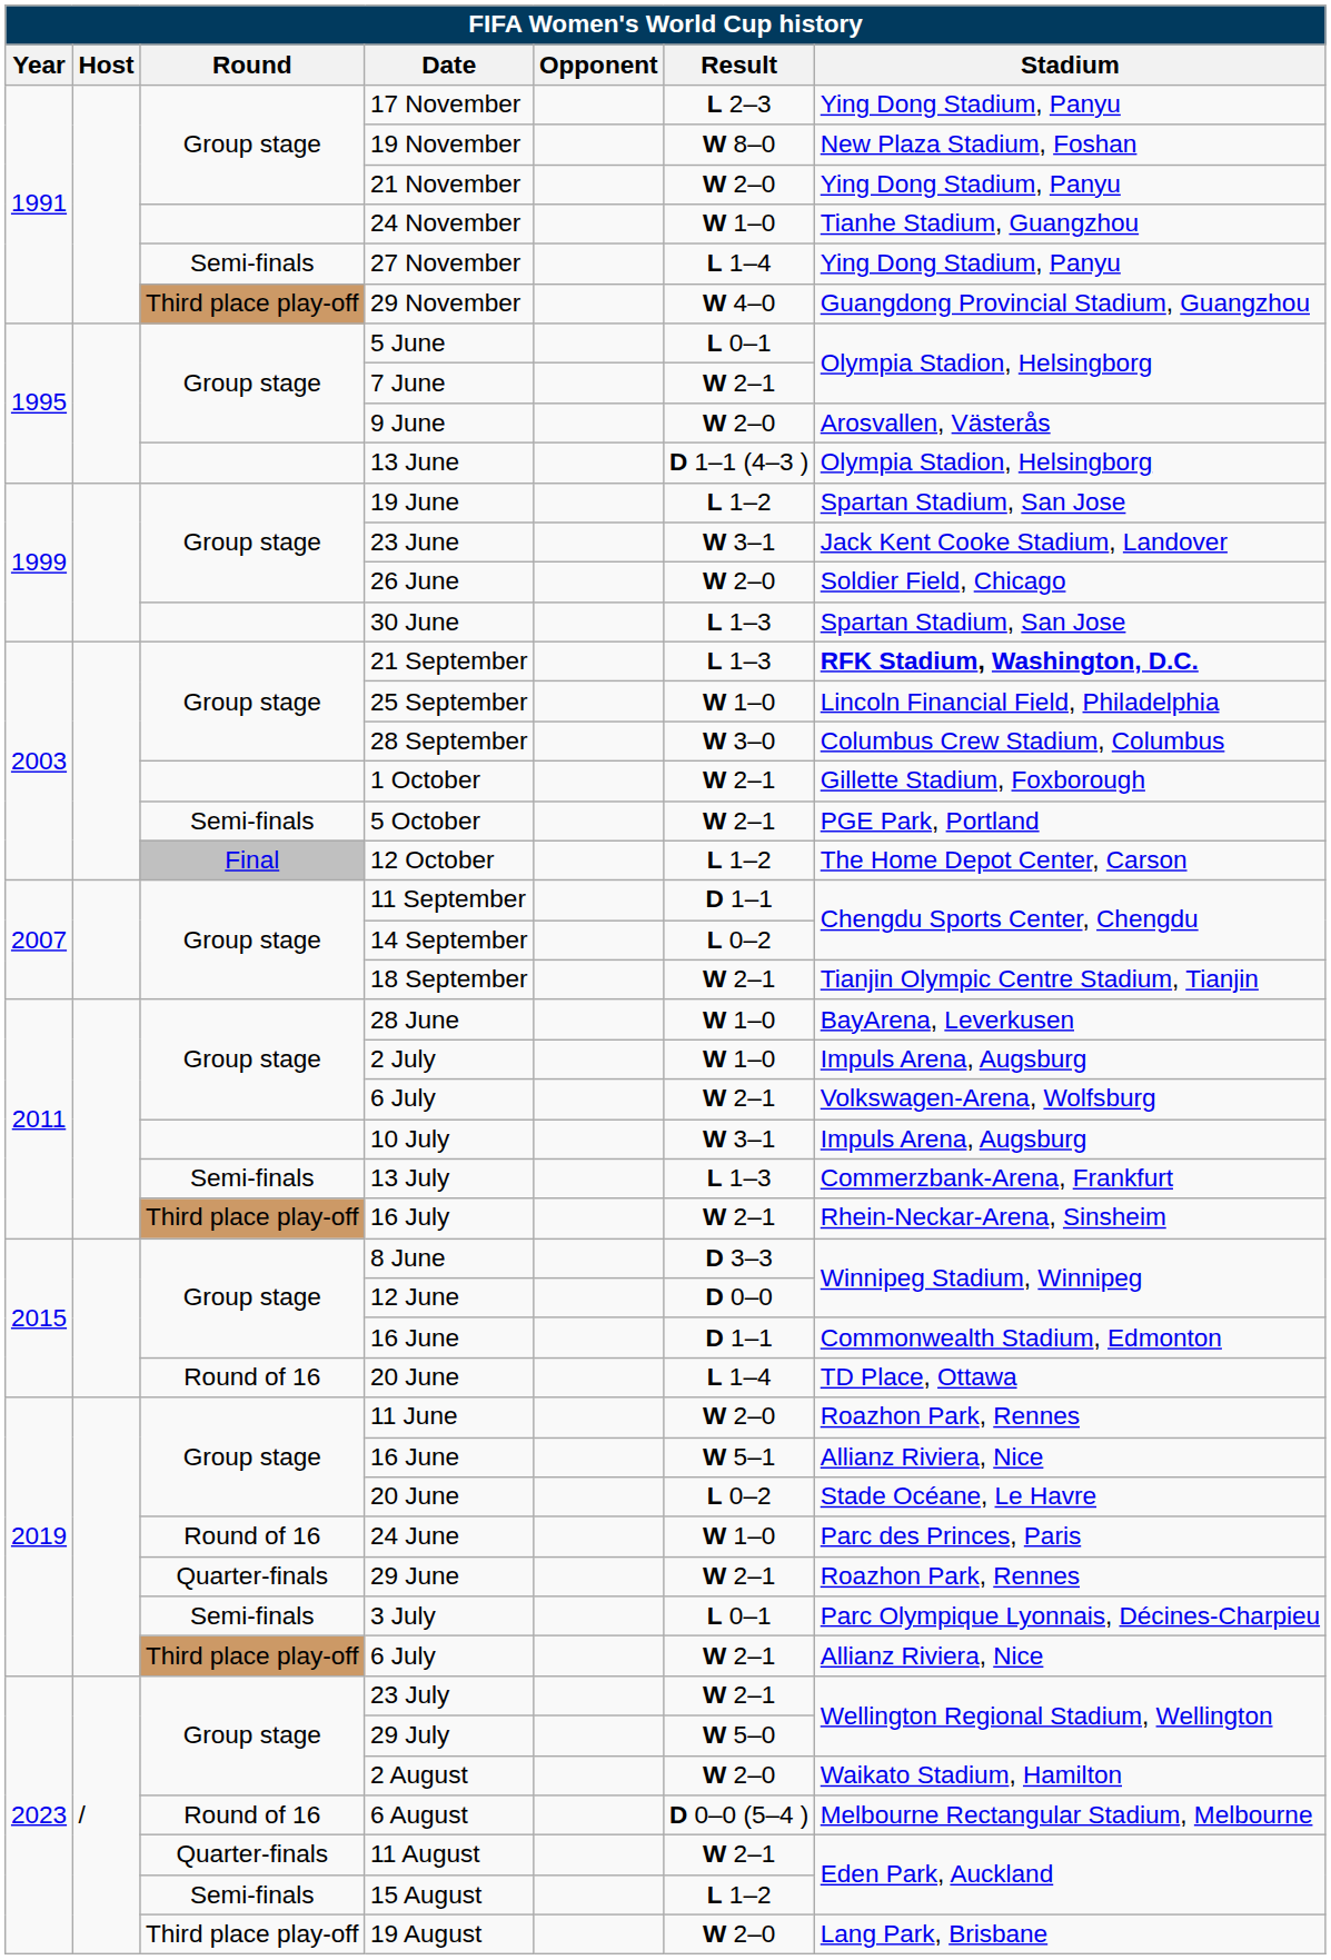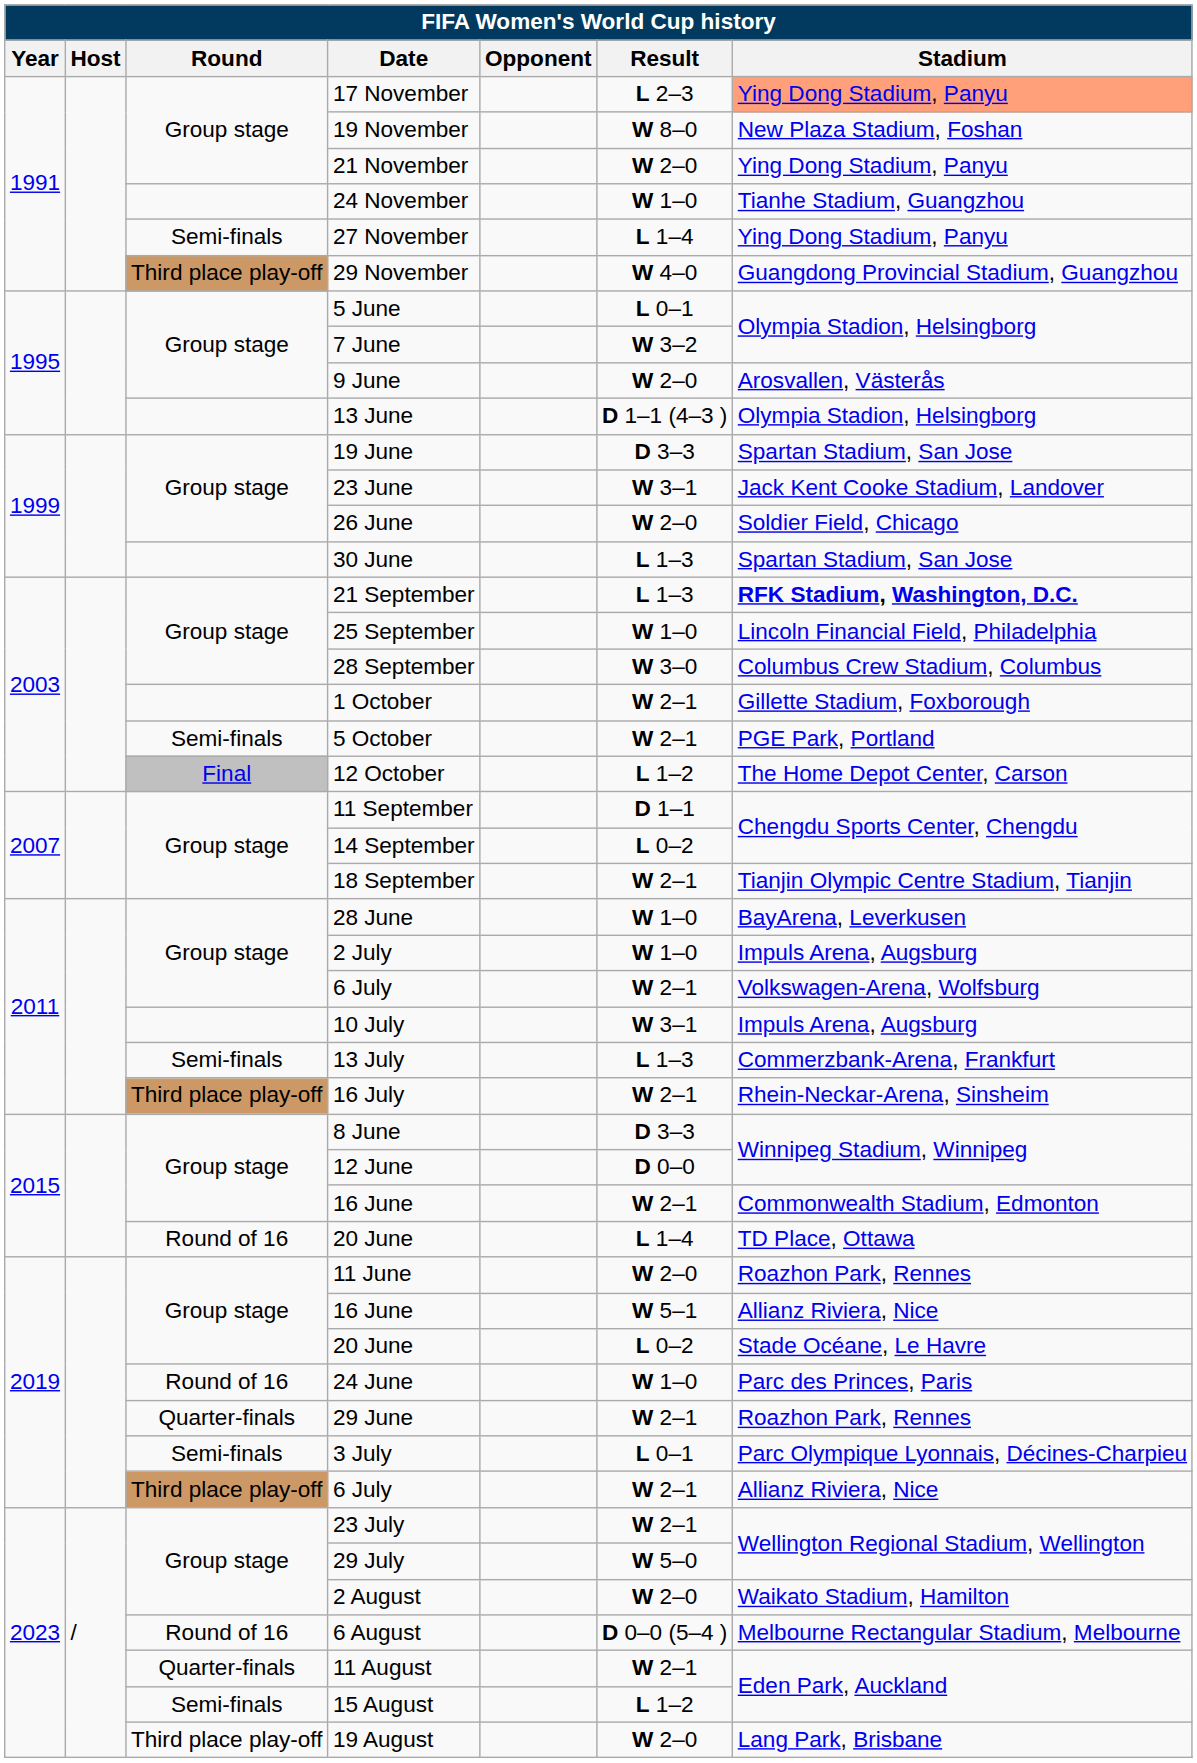 <table class="wikitable mw-collapsible mw-collapsed" style="text-align: center;">
 <tr>
 <th colspan=7 style="background: #013A5E; color: #FFFFFF;">FIFA Women's World Cup history</th>
 </tr>
 <tr>
 <th>Year</th>
 <th>Host</th>
 <th>Round</th>
 <th>Date</th>
 <th>Opponent</th>
 <th>Result</th>
 <th>Stadium</th>
 </tr>
 <tr>
 <td rowspan=6><a href='#'>1991</a></td>
 <td rowspan=6 align=left></td>
 <td rowspan=3>Group stage</td>
 <td align="left">17 November</td>
 <td align="left"></td>
 <td><strong>L</strong> 2–3</td>
-<td align="left"><a href='#'>Ying Dong Stadium</a>, <a href='#'>Panyu</a></td>
+<td align="left" style="background: lightsalmon;"><a href='#'>Ying Dong Stadium</a>, <a href='#'>Panyu</a></td>
 </tr>
 <tr>
 <td align="left">19 November</td>
 <td align="left"></td>
 <td><strong>W</strong> 8–0</td>
 <td align="left"><a href='#'>New Plaza Stadium</a>, <a href='#'>Foshan</a></td>
 </tr>
 <tr>
 <td align="left">21 November</td>
 <td align="left"></td>
 <td><strong>W</strong> 2–0</td>
 <td align="left"><a href='#'>Ying Dong Stadium</a>, <a href='#'>Panyu</a></td>
 </tr>
 <tr>
 <td></td>
 <td align="left">24 November</td>
 <td align="left"></td>
 <td><strong>W</strong> 1–0</td>
 <td align="left"><a href='#'>Tianhe Stadium</a>, <a href='#'>Guangzhou</a></td>
 </tr>
 <tr>
 <td>Semi-finals</td>
 <td align="left">27 November</td>
 <td align="left"></td>
 <td><strong>L</strong> 1–4</td>
 <td align="left"><a href='#'>Ying Dong Stadium</a>, <a href='#'>Panyu</a></td>
 </tr>
 <tr>
 <td bgcolor="#cc9966">Third place play-off</td>
 <td align="left">29 November</td>
 <td align="left"></td>
 <td><strong>W</strong> 4–0</td>
 <td align="left"><a href='#'>Guangdong Provincial Stadium</a>, <a href='#'>Guangzhou</a></td>
 </tr>
 <tr>
 <td rowspan=4><a href='#'>1995</a></td>
 <td rowspan=4 align=left></td>
 <td rowspan=3>Group stage</td>
 <td align="left">5 June</td>
 <td align="left"></td>
 <td><strong>L</strong> 0–1</td>
 <td rowspan=2 align="left"><a href='#'>Olympia Stadion</a>, <a href='#'>Helsingborg</a></td>
 </tr>
 <tr>
 <td align="left">7 June</td>
 <td align="left"></td>
-<td><strong>W</strong> 2–1</td>
+<td><strong>W</strong> 3–2</td>
 </tr>
 <tr>
 <td align="left">9 June</td>
 <td align="left"></td>
 <td><strong>W</strong> 2–0</td>
 <td align="left"><a href='#'>Arosvallen</a>, <a href='#'>Västerås</a></td>
 </tr>
 <tr>
 <td></td>
 <td align="left">13 June</td>
 <td align="left"></td>
 <td><strong>D</strong> 1–1 (4–3 )</td>
 <td align="left"><a href='#'>Olympia Stadion</a>, <a href='#'>Helsingborg</a></td>
 </tr>
 <tr>
 <td rowspan=4><a href='#'>1999</a></td>
 <td rowspan=4 align=left></td>
 <td rowspan=3>Group stage</td>
 <td align="left">19 June</td>
 <td align="left"></td>
-<td><strong>L</strong> 1–2</td>
+<td><strong>D</strong> 3–3</td>
 <td align="left"><a href='#'>Spartan Stadium</a>, <a href='#'>San Jose</a></td>
 </tr>
 <tr>
 <td align="left">23 June</td>
 <td align="left"></td>
 <td><strong>W</strong> 3–1</td>
 <td align="left"><a href='#'>Jack Kent Cooke Stadium</a>, <a href='#'>Landover</a></td>
 </tr>
 <tr>
 <td align="left">26 June</td>
 <td align="left"></td>
 <td><strong>W</strong> 2–0</td>
 <td align="left"><a href='#'>Soldier Field</a>, <a href='#'>Chicago</a></td>
 </tr>
 <tr>
 <td></td>
 <td align="left">30 June</td>
 <td align="left"></td>
 <td><strong>L</strong> 1–3</td>
 <td align="left"><a href='#'>Spartan Stadium</a>, <a href='#'>San Jose</a></td>
 </tr>
 <tr>
 <td rowspan=6><a href='#'>2003</a></td>
 <td rowspan=6 align=left></td>
 <td rowspan=3>Group stage</td>
 <td align="left">21 September</td>
 <td align="left"></td>
 <td><strong>L</strong> 1–3</td>
 <td align="left"><strong><a href='#'>RFK Stadium</a>, <a href='#'>Washington, D.C.</a></strong></td>
 </tr>
 <tr>
 <td align="left">25 September</td>
 <td align="left"></td>
 <td><strong>W</strong> 1–0</td>
 <td align="left"><a href='#'>Lincoln Financial Field</a>, <a href='#'>Philadelphia</a></td>
 </tr>
 <tr>
 <td align="left">28 September</td>
 <td align="left"></td>
 <td><strong>W</strong> 3–0</td>
 <td align="left"><a href='#'>Columbus Crew Stadium</a>, <a href='#'>Columbus</a></td>
 </tr>
 <tr>
 <td></td>
 <td align="left">1 October</td>
 <td align="left"></td>
 <td><strong>W</strong> 2–1</td>
 <td align="left"><a href='#'>Gillette Stadium</a>, <a href='#'>Foxborough</a></td>
 </tr>
 <tr>
 <td>Semi-finals</td>
 <td align="left">5 October</td>
 <td align="left"></td>
 <td><strong>W</strong> 2–1</td>
 <td align="left"><a href='#'>PGE Park</a>, <a href='#'>Portland</a></td>
 </tr>
 <tr>
 <td style="background:silver;"><a href='#'>Final</a></td>
 <td align="left">12 October</td>
 <td align="left"></td>
 <td><strong>L</strong> 1–2 </td>
 <td align="left"><a href='#'>The Home Depot Center</a>, <a href='#'>Carson</a></td>
 </tr>
 <tr>
 <td rowspan=3><a href='#'>2007</a></td>
 <td rowspan=3 align=left></td>
 <td rowspan=3>Group stage</td>
 <td align="left">11 September</td>
 <td align="left"></td>
 <td><strong>D</strong> 1–1</td>
 <td rowspan=2 align="left"><a href='#'>Chengdu Sports Center</a>, <a href='#'>Chengdu</a></td>
 </tr>
 <tr>
 <td align="left">14 September</td>
 <td align="left"></td>
 <td><strong>L</strong> 0–2</td>
 </tr>
 <tr>
 <td align="left">18 September</td>
 <td align="left"></td>
 <td><strong>W</strong> 2–1</td>
 <td align="left"><a href='#'>Tianjin Olympic Centre Stadium</a>, <a href='#'>Tianjin</a></td>
 </tr>
 <tr>
 <td rowspan=6><a href='#'>2011</a></td>
 <td rowspan=6 align=left></td>
 <td rowspan=3>Group stage</td>
 <td align="left">28 June</td>
 <td align="left"></td>
 <td><strong>W</strong> 1–0</td>
 <td align="left"><a href='#'>BayArena</a>, <a href='#'>Leverkusen</a></td>
 </tr>
 <tr>
 <td align="left">2 July</td>
 <td align="left"></td>
 <td><strong>W</strong> 1–0</td>
 <td align="left"><a href='#'>Impuls Arena</a>, <a href='#'>Augsburg</a></td>
 </tr>
 <tr>
 <td align="left">6 July</td>
 <td align="left"></td>
 <td><strong>W</strong> 2–1</td>
 <td align="left"><a href='#'>Volkswagen-Arena</a>, <a href='#'>Wolfsburg</a></td>
 </tr>
 <tr>
 <td></td>
 <td align="left">10 July</td>
 <td align="left"></td>
 <td><strong>W</strong> 3–1</td>
 <td align="left"><a href='#'>Impuls Arena</a>, <a href='#'>Augsburg</a></td>
 </tr>
 <tr>
 <td>Semi-finals</td>
 <td align="left">13 July</td>
 <td align="left"></td>
 <td><strong>L</strong> 1–3</td>
 <td align="left"><a href='#'>Commerzbank-Arena</a>, <a href='#'>Frankfurt</a></td>
 </tr>
 <tr>
 <td bgcolor="#cc9966">Third place play-off</td>
 <td align="left">16 July</td>
 <td align="left"></td>
 <td><strong>W</strong> 2–1</td>
 <td align="left"><a href='#'>Rhein-Neckar-Arena</a>, <a href='#'>Sinsheim</a></td>
 </tr>
 <tr>
 <td rowspan=4><a href='#'>2015</a></td>
 <td rowspan=4 align=left></td>
 <td rowspan=3>Group stage</td>
 <td align="left">8 June</td>
 <td align="left"></td>
 <td><strong>D</strong> 3–3</td>
 <td rowspan=2 align="left"><a href='#'>Winnipeg Stadium</a>, <a href='#'>Winnipeg</a></td>
 </tr>
 <tr>
 <td align="left">12 June</td>
 <td align="left"></td>
 <td><strong>D</strong> 0–0</td>
 </tr>
 <tr>
 <td align="left">16 June</td>
 <td align="left"></td>
-<td><strong>D</strong> 1–1</td>
+<td><strong>W</strong> 2–1</td>
 <td align="left"><a href='#'>Commonwealth Stadium</a>, <a href='#'>Edmonton</a></td>
 </tr>
 <tr>
 <td>Round of 16</td>
 <td align="left">20 June</td>
 <td align="left"></td>
 <td><strong>L</strong> 1–4</td>
 <td align="left"><a href='#'>TD Place</a>, <a href='#'>Ottawa</a></td>
 </tr>
 <tr>
 <td rowspan=7><a href='#'>2019</a></td>
 <td rowspan=7 align=left></td>
 <td rowspan=3>Group stage</td>
 <td align="left">11 June</td>
 <td align="left"></td>
 <td><strong>W</strong> 2–0</td>
 <td align="left"><a href='#'>Roazhon Park</a>, <a href='#'>Rennes</a></td>
 </tr>
 <tr>
 <td align="left">16 June</td>
 <td align="left"></td>
 <td><strong>W</strong> 5–1</td>
 <td align="left"><a href='#'>Allianz Riviera</a>, <a href='#'>Nice</a></td>
 </tr>
 <tr>
 <td align="left">20 June</td>
 <td align="left"></td>
 <td><strong>L</strong> 0–2</td>
 <td align="left"><a href='#'>Stade Océane</a>, <a href='#'>Le Havre</a></td>
 </tr>
 <tr>
 <td>Round of 16</td>
 <td align="left">24 June</td>
 <td align="left"></td>
 <td><strong>W</strong> 1–0</td>
 <td align="left"><a href='#'>Parc des Princes</a>, <a href='#'>Paris</a></td>
 </tr>
 <tr>
 <td>Quarter-finals</td>
 <td align="left">29 June</td>
 <td align="left"></td>
 <td><strong>W</strong> 2–1</td>
 <td align="left"><a href='#'>Roazhon Park</a>, <a href='#'>Rennes</a></td>
 </tr>
 <tr>
 <td>Semi-finals</td>
 <td align="left">3 July</td>
 <td align="left"></td>
 <td><strong>L</strong> 0–1 </td>
 <td align="left"><a href='#'>Parc Olympique Lyonnais</a>, <a href='#'>Décines-Charpieu</a></td>
 </tr>
 <tr>
 <td bgcolor="#cc9966">Third place play-off</td>
 <td align="left">6 July</td>
 <td align="left"></td>
 <td><strong>W</strong> 2–1</td>
 <td align="left"><a href='#'>Allianz Riviera</a>, <a href='#'>Nice</a></td>
 </tr>
 <tr>
 <td rowspan=7><a href='#'>2023</a></td>
 <td rowspan=7 align=left>/</td>
 <td rowspan=3>Group stage</td>
 <td align="left">23 July</td>
 <td align="left"></td>
 <td><strong>W</strong> 2–1</td>
 <td rowspan=2 align="left"><a href='#'>Wellington Regional Stadium</a>, <a href='#'>Wellington</a></td>
 </tr>
 <tr>
 <td align="left">29 July</td>
 <td align="left"></td>
 <td><strong>W</strong> 5–0</td>
 </tr>
 <tr>
 <td align="left">2 August</td>
 <td align="left"></td>
 <td><strong>W</strong> 2–0</td>
 <td align="left"><a href='#'>Waikato Stadium</a>, <a href='#'>Hamilton</a></td>
 </tr>
 <tr>
 <td>Round of 16</td>
 <td align="left">6 August</td>
 <td align="left"></td>
 <td><strong>D</strong> 0–0 (5–4 )</td>
 <td align="left"><a href='#'>Melbourne Rectangular Stadium</a>, <a href='#'>Melbourne</a></td>
 </tr>
 <tr>
 <td>Quarter-finals</td>
 <td align="left">11 August</td>
 <td align="left"></td>
 <td><strong>W</strong> 2–1</td>
 <td rowspan=2 align="left"><a href='#'>Eden Park</a>, <a href='#'>Auckland</a></td>
 </tr>
 <tr>
 <td>Semi-finals</td>
 <td align="left">15 August</td>
 <td align="left"></td>
 <td><strong>L</strong> 1–2</td>
 </tr>
 <tr>
 <td>Third place play-off</td>
 <td align="left">19 August</td>
 <td align="left"></td>
 <td><strong>W</strong> 2–0</td>
 <td align="left"><a href='#'>Lang Park</a>, <a href='#'>Brisbane</a></td>
 </tr>
 </table>
